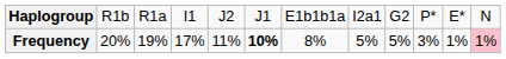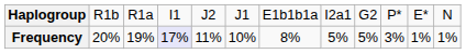 <table class="wikitable" style="text-align:center">
 <tr>
 <th>Haplogroup</th>
 <td>R1b</td>
 <td>R1a</td>
 <td>I1</td>
 <td>J2</td>
 <td>J1</td>
 <td>E1b1b1a</td>
 <td>I2a1</td>
 <td>G2</td>
 <td>P*</td>
 <td>E*</td>
 <td>N</td>
 </tr>
 <tr>
 <th>Frequency</th>
 <td>20%</td>
 <td>19%</td>
-<td>17%</td>
+<td style="background: lavender;">17%</td>
 <td>11%</td>
-<td><strong>10%</strong></td>
+<td>10%</td>
 <td>8%</td>
 <td>5%</td>
 <td>5%</td>
 <td>3%</td>
 <td>1%</td>
-<td style="background: pink;">1%</td>
+<td>1%</td>
 </tr>
 </table>
